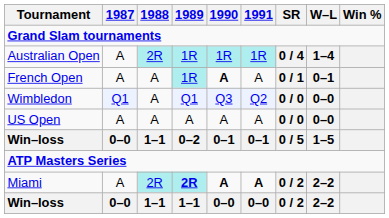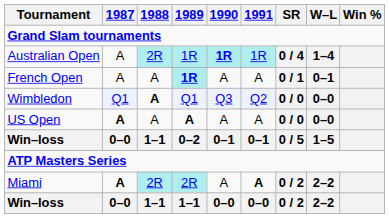 <table class=wikitable style=text-align:center;font-size:97%>
 <tr>
 <th>Tournament</th>
 <th><a href='#'>1987</a></th>
 <th><a href='#'>1988</a></th>
 <th><a href='#'>1989</a></th>
 <th><a href='#'>1990</a></th>
 <th><a href='#'>1991</a></th>
 <th>SR</th>
 <th>W–L</th>
 <th>Win %</th>
 </tr>
 <tr>
 <td colspan=23 align=left><strong><a href='#'>Grand Slam tournaments</a></strong></td>
 </tr>
 <tr>
 <td align=left><a href='#'>Australian Open</a></td>
 <td>A</td>
 <td bgcolor=afeeee><a href='#'>2R</a></td>
 <td bgcolor=afeeee><a href='#'>1R</a></td>
-<td bgcolor=afeeee><a href='#'>1R</a></td>
+<td bgcolor=afeeee><strong><a href='#'>1R</a></strong></td>
 <td bgcolor=afeeee><a href='#'>1R</a></td>
 <th>0 / 4</th>
 <th>1–4</th>
 <th></th>
 </tr>
 <tr>
 <td align=left><a href='#'>French Open</a></td>
 <td>A</td>
 <td>A</td>
-<td bgcolor=afeeee><a href='#'>1R</a></td>
-<td><strong>A</strong></td>
+<td bgcolor=afeeee><strong><a href='#'>1R</a></strong></td>
+<td>A</td>
 <td>A</td>
 <th>0 / 1</th>
 <th>0–1</th>
 <th></th>
 </tr>
 <tr>
 <td align=left><a href='#'>Wimbledon</a></td>
 <td bgcolor=ecf2ff><a href='#'>Q1</a></td>
-<td>A</td>
+<td><strong>A</strong></td>
 <td bgcolor=ecf2ff><a href='#'>Q1</a></td>
 <td bgcolor=ecf2ff><a href='#'>Q3</a></td>
 <td bgcolor=ecf2ff><a href='#'>Q2</a></td>
 <th>0 / 0</th>
 <th>0–0</th>
 <th></th>
 </tr>
 <tr>
 <td align=left><a href='#'>US Open</a></td>
+<td><strong>A</strong></td>
 <td>A</td>
-<td>A</td>
-<td>A</td>
+<td><strong>A</strong></td>
 <td>A</td>
 <td>A</td>
 <th>0 / 0</th>
 <th>0–0</th>
 <th></th>
 </tr>
 <tr>
 <th style=text-align:left>Win–loss</th>
 <th>0–0</th>
 <th>1–1</th>
 <th>0–2</th>
 <th>0–1</th>
 <th>0–1</th>
 <th>0 / 5</th>
 <th>1–5</th>
 <th></th>
 </tr>
 <tr>
 <td colspan=23 align=left><strong><a href='#'>ATP Masters Series</a></strong></td>
 </tr>
 <tr>
 <td align=left><a href='#'>Miami</a></td>
+<td><strong>A</strong></td>
+<td bgcolor=afeeee><a href='#'>2R</a></td>
+<td bgcolor=afeeee><a href='#'>2R</a></td>
 <td>A</td>
-<td bgcolor=afeeee><a href='#'>2R</a></td>
-<td bgcolor=afeeee><strong><a href='#'>2R</a></strong></td>
-<td><strong>A</strong></td>
 <td><strong>A</strong></td>
 <th>0 / 2</th>
 <th>2–2</th>
 <th></th>
 </tr>
 <tr>
 <th style=text-align:left>Win–loss</th>
 <th>0–0</th>
 <th>1–1</th>
 <th>1–1</th>
 <th>0–0</th>
 <th>0–0</th>
 <th>0 / 2</th>
 <th>2–2</th>
 <th></th>
 </tr>
 </table>
